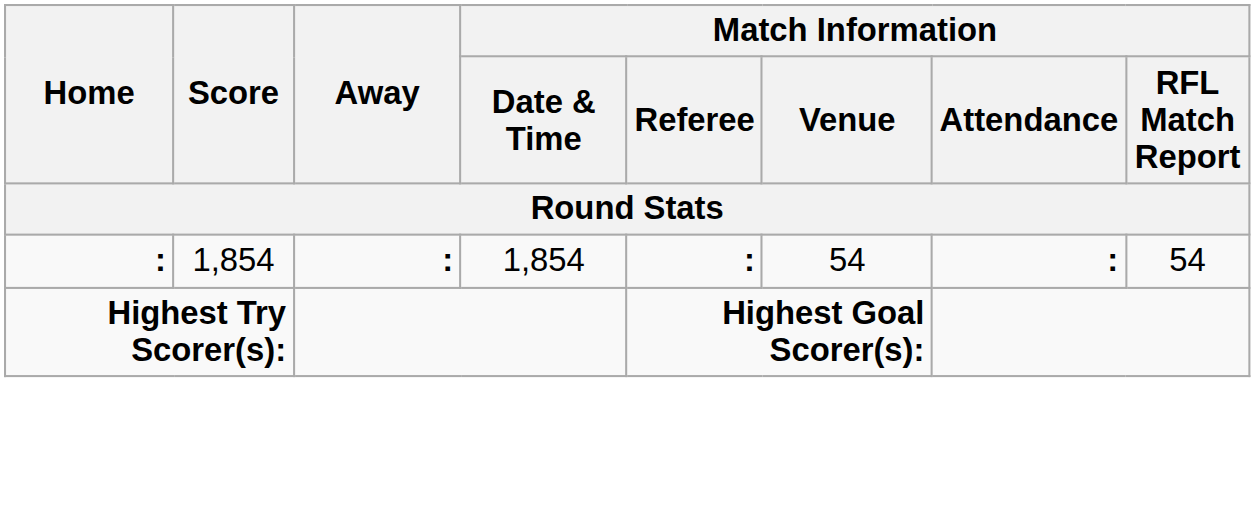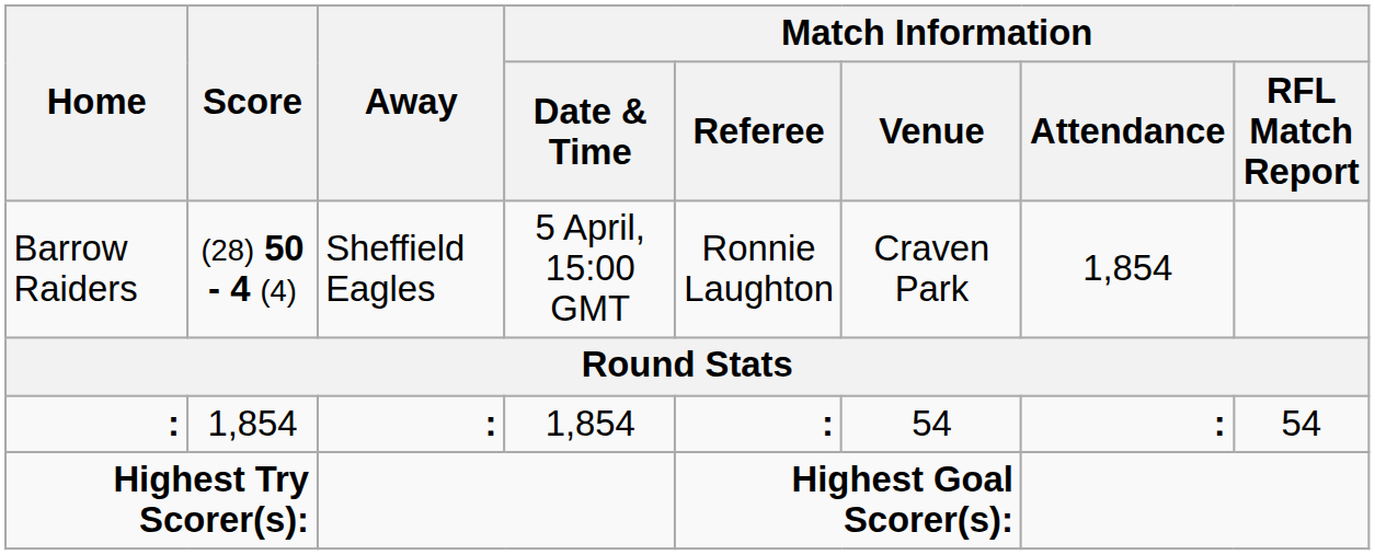 <table class="wikitable" style="text-align: center; cellpadding=3 cellspacing=0 width=95%">
 <tr>
 <th rowspan=2 width=15%>Home</th>
 <th rowspan=2 width=10%>Score</th>
 <th rowspan=2 width=15%>Away</th>
 <th colspan=5>Match Information</th>
 </tr>
 <tr>
 <th width=15%>Date & Time</th>
 <th width=10%>Referee</th>
 <th width=15%>Venue</th>
 <th width=10%>Attendance</th>
 <th width=10%>RFL Match Report</th>
+</tr>
+<tr>
+<td align=left> Barrow Raiders</td>
+<td><small>(28)</small> <strong>50 - 4</strong> <small>(4)</small></td>
+<td align=left> Sheffield Eagles</td>
+<td>5 April, 15:00 GMT</td>
+<td>Ronnie Laughton</td>
+<td>Craven Park</td>
+<td>1,854</td>
+<td align="center"></td>
 </tr>
 <tr>
 <th colspan=8>Round Stats</th>
 </tr>
 <tr>
 <td colspan=1 align=right><strong>:</strong></td>
 <td colspan=1>1,854</td>
 <td colspan=1 align=right><strong>:</strong></td>
 <td colspan=1>1,854</td>
 <td colspan=1 align=right><strong>:</strong></td>
 <td colspan=1>54</td>
 <td colspan=1 align=right><strong>:</strong></td>
 <td colspan=1>54</td>
 </tr>
 <tr>
 <td colspan=2 valign="top" align=right><strong>Highest Try Scorer(s):</strong></td>
 <td colspan=2 valign="top" align=left></td>
 <td colspan=2 valign="top" align=right><strong>Highest Goal Scorer(s):</strong></td>
 <td colspan=2 valign="top" align=left></td>
 </tr>
 </table>
